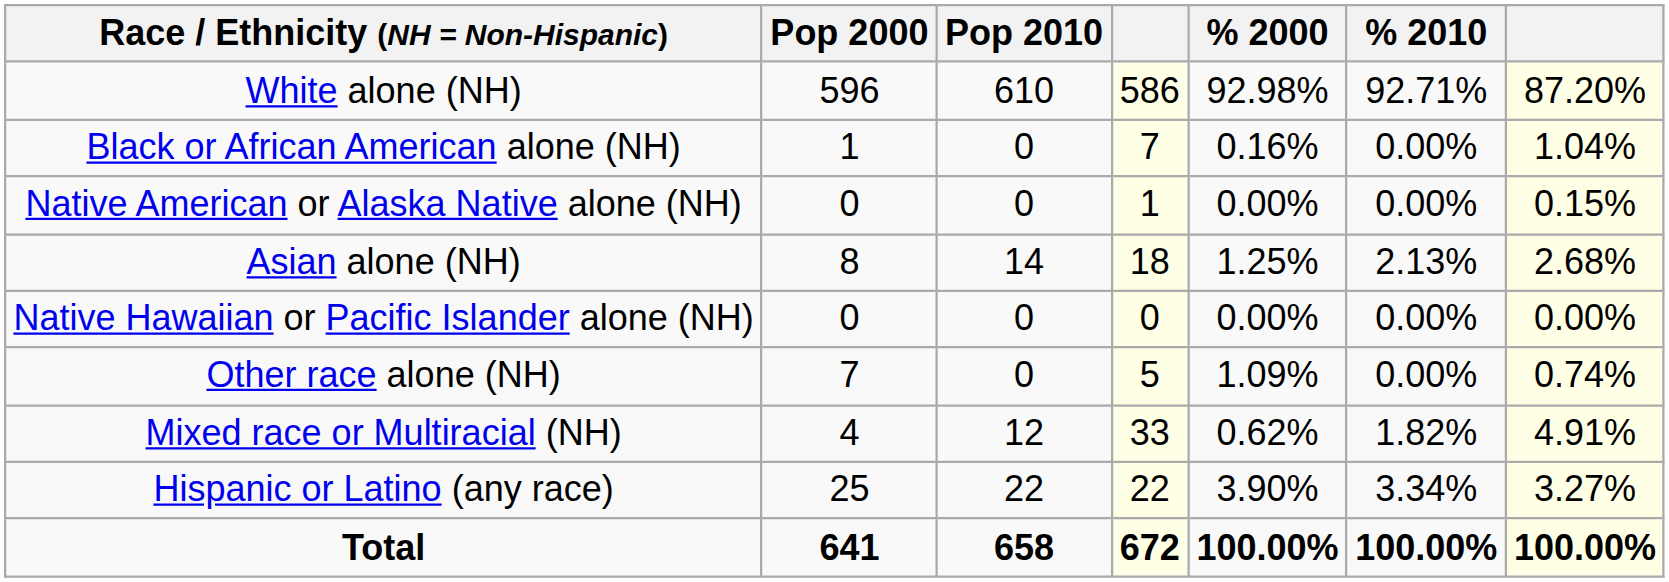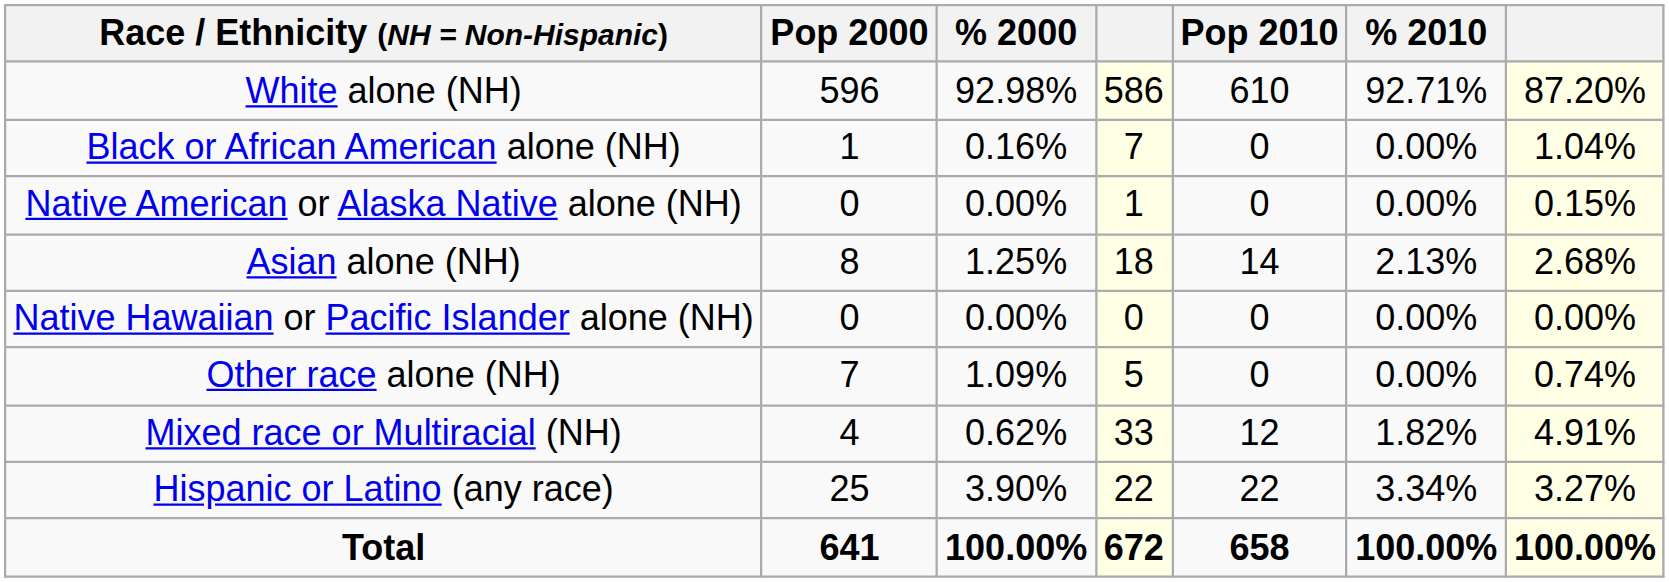 <table class="wikitable" style="text-align:center;">
 <tr>
 <th>Race / Ethnicity <small>(<em>NH = Non-Hispanic</em>)</small></th>
 <th>Pop 2000</th>
+<th>% 2000</th>
+<th></th>
 <th>Pop 2010</th>
-<th></th>
-<th>% 2000</th>
 <th>% 2010</th>
 <th></th>
 </tr>
 <tr>
 <td><a href='#'>White</a> alone (NH)</td>
 <td>596</td>
+<td>92.98%</td>
+<td style='background: #ffffe6;'>586</td>
 <td>610</td>
-<td style='background: #ffffe6;'>586</td>
-<td>92.98%</td>
 <td>92.71%</td>
 <td style='background: #ffffe6;'>87.20%</td>
 </tr>
 <tr>
 <td><a href='#'>Black or African American</a> alone (NH)</td>
 <td>1</td>
+<td>0.16%</td>
+<td style='background: #ffffe6;'>7</td>
 <td>0</td>
-<td style='background: #ffffe6;'>7</td>
-<td>0.16%</td>
 <td>0.00%</td>
 <td style='background: #ffffe6;'>1.04%</td>
 </tr>
 <tr>
 <td><a href='#'>Native American</a> or <a href='#'>Alaska Native</a> alone (NH)</td>
 <td>0</td>
+<td>0.00%</td>
+<td style='background: #ffffe6;'>1</td>
 <td>0</td>
-<td style='background: #ffffe6;'>1</td>
-<td>0.00%</td>
 <td>0.00%</td>
 <td style='background: #ffffe6;'>0.15%</td>
 </tr>
 <tr>
 <td><a href='#'>Asian</a> alone (NH)</td>
 <td>8</td>
+<td>1.25%</td>
+<td style='background: #ffffe6;'>18</td>
 <td>14</td>
-<td style='background: #ffffe6;'>18</td>
-<td>1.25%</td>
 <td>2.13%</td>
 <td style='background: #ffffe6;'>2.68%</td>
 </tr>
 <tr>
 <td><a href='#'>Native Hawaiian</a> or <a href='#'>Pacific Islander</a> alone (NH)</td>
 <td>0</td>
+<td>0.00%</td>
+<td style='background: #ffffe6;'>0</td>
 <td>0</td>
-<td style='background: #ffffe6;'>0</td>
-<td>0.00%</td>
 <td>0.00%</td>
 <td style='background: #ffffe6;'>0.00%</td>
 </tr>
 <tr>
 <td><a href='#'>Other race</a> alone (NH)</td>
 <td>7</td>
+<td>1.09%</td>
+<td style='background: #ffffe6;'>5</td>
 <td>0</td>
-<td style='background: #ffffe6;'>5</td>
-<td>1.09%</td>
 <td>0.00%</td>
 <td style='background: #ffffe6;'>0.74%</td>
 </tr>
 <tr>
 <td><a href='#'>Mixed race or Multiracial</a> (NH)</td>
 <td>4</td>
+<td>0.62%</td>
+<td style='background: #ffffe6;'>33</td>
 <td>12</td>
-<td style='background: #ffffe6;'>33</td>
-<td>0.62%</td>
 <td>1.82%</td>
 <td style='background: #ffffe6;'>4.91%</td>
 </tr>
 <tr>
 <td><a href='#'>Hispanic or Latino</a> (any race)</td>
 <td>25</td>
+<td>3.90%</td>
+<td style='background: #ffffe6;'>22</td>
 <td>22</td>
-<td style='background: #ffffe6;'>22</td>
-<td>3.90%</td>
 <td>3.34%</td>
 <td style='background: #ffffe6;'>3.27%</td>
 </tr>
 <tr>
 <td><strong>Total</strong></td>
 <td><strong>641</strong></td>
+<td><strong>100.00%</strong></td>
+<td style='background: #ffffe6;'><strong>672</strong></td>
 <td><strong>658</strong></td>
-<td style='background: #ffffe6;'><strong>672</strong></td>
-<td><strong>100.00%</strong></td>
 <td><strong>100.00%</strong></td>
 <td style='background: #ffffe6;'><strong>100.00%</strong></td>
 </tr>
 </table>
